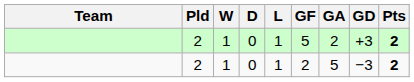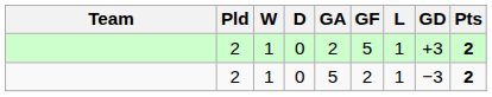 <table class="wikitable" style="text-align:center;">
 <tr>
 <th width=180>Team</th>
 <th width=20>Pld</th>
 <th width=20>W</th>
 <th width=20>D</th>
+<th width=20>GA</th>
+<th width=20>GF</th>
 <th width=20>L</th>
-<th width=20>GF</th>
-<th width=20>GA</th>
 <th width=20>GD</th>
 <th width=20>Pts</th>
 </tr>
 <tr bgcolor="ccffcc">
 <td align="left"></td>
 <td>2</td>
 <td>1</td>
 <td>0</td>
+<td>2</td>
+<td>5</td>
 <td>1</td>
-<td>5</td>
-<td>2</td>
 <td>+3</td>
 <td><strong>2</strong></td>
 </tr>
 <tr>
 <td align="left"></td>
 <td>2</td>
 <td>1</td>
 <td>0</td>
+<td>5</td>
+<td>2</td>
 <td>1</td>
-<td>2</td>
-<td>5</td>
 <td>−3</td>
 <td><strong>2</strong></td>
 </tr>
 </table>
